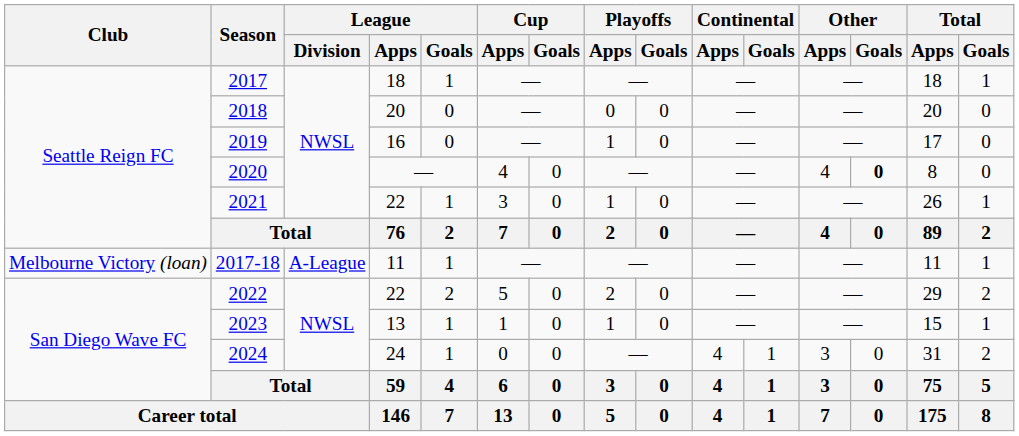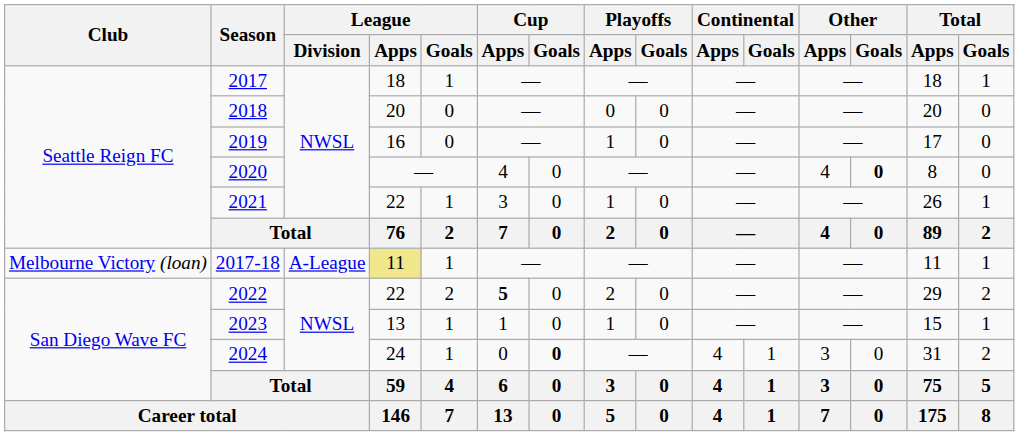 <table class="wikitable" style="text-align:center">
 <tr>
 <th rowspan="2">Club</th>
 <th rowspan="2">Season</th>
 <th colspan="3">League</th>
 <th colspan="2">Cup</th>
 <th colspan="2">Playoffs</th>
 <th colspan="2">Continental</th>
 <th colspan="2">Other</th>
 <th colspan="2">Total</th>
 </tr>
 <tr>
 <th>Division</th>
 <th>Apps</th>
 <th>Goals</th>
 <th>Apps</th>
 <th>Goals</th>
 <th>Apps</th>
 <th>Goals</th>
 <th>Apps</th>
 <th>Goals</th>
 <th>Apps</th>
 <th>Goals</th>
 <th>Apps</th>
 <th>Goals</th>
 </tr>
 <tr>
 <td rowspan="6"><a href='#'>Seattle Reign FC</a></td>
 <td><a href='#'>2017</a></td>
 <td rowspan="5"><a href='#'>NWSL</a></td>
 <td>18</td>
 <td>1</td>
 <td colspan="2">—</td>
 <td colspan="2">—</td>
 <td colspan="2">—</td>
 <td colspan="2">—</td>
 <td>18</td>
 <td>1</td>
 </tr>
 <tr>
 <td><a href='#'>2018</a></td>
 <td>20</td>
 <td>0</td>
 <td colspan="2">—</td>
 <td>0</td>
 <td>0</td>
 <td colspan="2">—</td>
 <td colspan="2">—</td>
 <td>20</td>
 <td>0</td>
 </tr>
 <tr>
 <td><a href='#'>2019</a></td>
 <td>16</td>
 <td>0</td>
 <td colspan="2">—</td>
 <td>1</td>
 <td>0</td>
 <td colspan="2">—</td>
 <td colspan="2">—</td>
 <td>17</td>
 <td>0</td>
 </tr>
 <tr>
 <td><a href='#'>2020</a></td>
 <td colspan="2">—</td>
 <td>4</td>
 <td>0</td>
 <td colspan="2">—</td>
 <td colspan="2">—</td>
 <td>4</td>
 <td><strong>0</strong></td>
 <td>8</td>
 <td>0</td>
 </tr>
 <tr>
 <td><a href='#'>2021</a></td>
 <td>22</td>
 <td>1</td>
 <td>3</td>
 <td>0</td>
 <td>1</td>
 <td>0</td>
 <td colspan="2">—</td>
 <td colspan="2">—</td>
 <td>26</td>
 <td>1</td>
 </tr>
 <tr>
 <th colspan="2">Total</th>
 <th>76</th>
 <th>2</th>
 <th>7</th>
 <th>0</th>
 <th>2</th>
 <th>0</th>
 <th colspan="2">—</th>
 <th>4</th>
 <th>0</th>
 <th>89</th>
 <th>2</th>
 </tr>
 <tr>
 <td><a href='#'>Melbourne Victory</a> <em>(loan)</em></td>
 <td><a href='#'>2017-18</a></td>
 <td><a href='#'>A-League</a></td>
-<td>11</td>
+<td style="background: khaki;">11</td>
 <td>1</td>
 <td colspan="2">—</td>
 <td colspan="2">—</td>
 <td colspan="2">—</td>
 <td colspan="2">—</td>
 <td>11</td>
 <td>1</td>
 </tr>
 <tr>
 <td rowspan="4"><a href='#'>San Diego Wave FC</a></td>
 <td><a href='#'>2022</a></td>
 <td rowspan="3"><a href='#'>NWSL</a></td>
 <td>22</td>
 <td>2</td>
-<td>5</td>
+<td><strong>5</strong></td>
 <td>0</td>
 <td>2</td>
 <td>0</td>
 <td colspan="2">—</td>
 <td colspan="2">—</td>
 <td>29</td>
 <td>2</td>
 </tr>
 <tr>
 <td><a href='#'>2023</a></td>
 <td>13</td>
 <td>1</td>
 <td>1</td>
 <td>0</td>
 <td>1</td>
 <td>0</td>
 <td colspan="2">—</td>
 <td colspan="2">—</td>
 <td>15</td>
 <td>1</td>
 </tr>
 <tr>
 <td><a href='#'>2024</a></td>
 <td>24</td>
 <td>1</td>
 <td>0</td>
-<td>0</td>
+<td><strong>0</strong></td>
 <td colspan="2">—</td>
 <td>4</td>
 <td>1</td>
 <td>3</td>
 <td>0</td>
 <td>31</td>
 <td>2</td>
 </tr>
 <tr>
 <th colspan="2">Total</th>
 <th>59</th>
 <th>4</th>
 <th>6</th>
 <th>0</th>
 <th>3</th>
 <th>0</th>
 <th>4</th>
 <th>1</th>
 <th>3</th>
 <th>0</th>
 <th>75</th>
 <th>5</th>
 </tr>
 <tr>
 <th colspan="3">Career total</th>
 <th>146</th>
 <th>7</th>
 <th>13</th>
 <th>0</th>
 <th>5</th>
 <th>0</th>
 <th>4</th>
 <th>1</th>
 <th>7</th>
 <th>0</th>
 <th>175</th>
 <th>8</th>
 </tr>
 </table>
